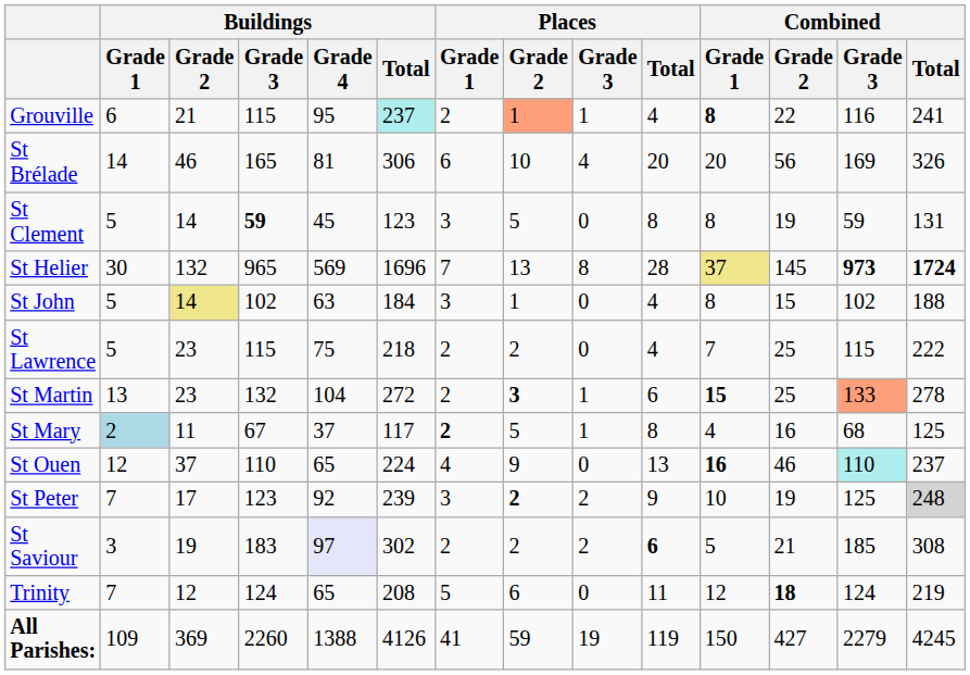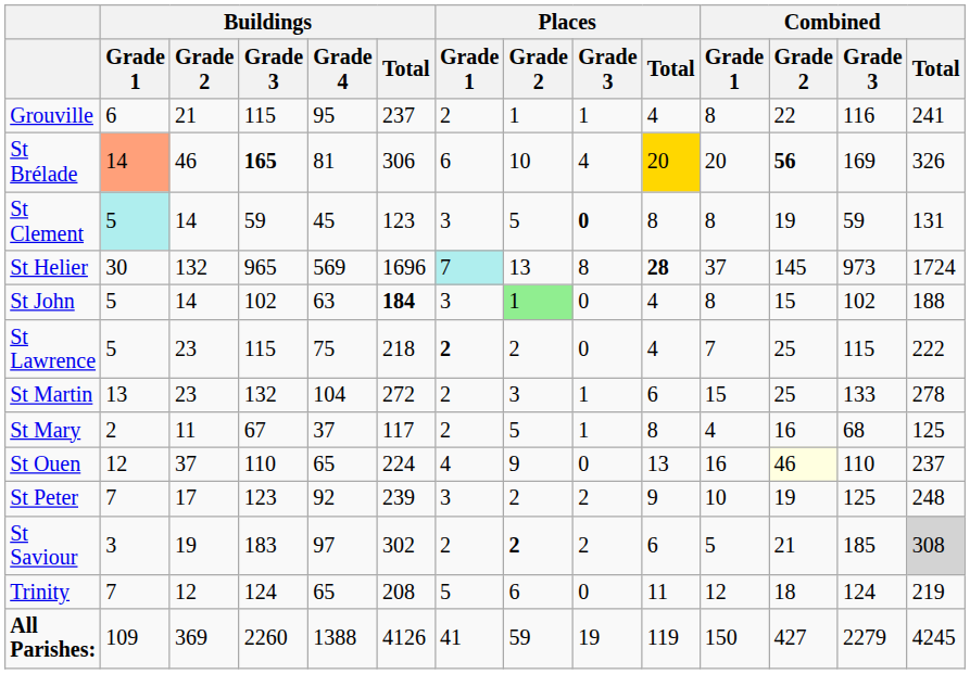 <table class="wikitable">
 <tr>
 <th></th>
 <th colspan="5">Buildings</th>
 <th colspan="4">Places</th>
 <th colspan="4">Combined</th>
 </tr>
 <tr>
 <th></th>
 <th>Grade 1</th>
 <th>Grade 2</th>
 <th>Grade 3</th>
 <th>Grade 4</th>
 <th>Total</th>
 <th>Grade 1</th>
 <th>Grade 2</th>
 <th>Grade 3</th>
 <th>Total</th>
 <th>Grade 1</th>
 <th>Grade 2</th>
 <th>Grade 3</th>
 <th>Total</th>
 </tr>
 <tr>
 <td><a href='#'>Grouville</a></td>
 <td>6</td>
 <td>21</td>
 <td>115</td>
 <td>95</td>
-<td style="background: paleturquoise;">237</td>
+<td>237</td>
 <td>2</td>
-<td style="background: lightsalmon;">1</td>
+<td>1</td>
 <td>1</td>
 <td>4</td>
-<td><strong>8</strong></td>
+<td>8</td>
 <td>22</td>
 <td>116</td>
 <td>241</td>
 </tr>
 <tr>
 <td><a href='#'>St Brélade</a></td>
-<td>14</td>
+<td style="background: lightsalmon;">14</td>
 <td>46</td>
-<td>165</td>
+<td><strong>165</strong></td>
 <td>81</td>
 <td>306</td>
 <td>6</td>
 <td>10</td>
 <td>4</td>
+<td style="background: gold;">20</td>
 <td>20</td>
-<td>20</td>
-<td>56</td>
+<td><strong>56</strong></td>
 <td>169</td>
 <td>326</td>
 </tr>
 <tr>
 <td><a href='#'>St Clement</a></td>
-<td>5</td>
+<td style="background: paleturquoise;">5</td>
 <td>14</td>
-<td><strong>59</strong></td>
+<td>59</td>
 <td>45</td>
 <td>123</td>
 <td>3</td>
 <td>5</td>
-<td>0</td>
+<td><strong>0</strong></td>
 <td>8</td>
 <td>8</td>
 <td>19</td>
 <td>59</td>
 <td>131</td>
 </tr>
 <tr>
 <td><a href='#'>St Helier</a></td>
 <td>30</td>
 <td>132</td>
 <td>965</td>
 <td>569</td>
 <td>1696</td>
-<td>7</td>
+<td style="background: paleturquoise;">7</td>
 <td>13</td>
 <td>8</td>
-<td>28</td>
-<td style="background: khaki;">37</td>
+<td><strong>28</strong></td>
+<td>37</td>
 <td>145</td>
-<td><strong>973</strong></td>
-<td><strong>1724</strong></td>
+<td>973</td>
+<td>1724</td>
 </tr>
 <tr>
 <td><a href='#'>St John</a></td>
 <td>5</td>
-<td style="background: khaki;">14</td>
+<td>14</td>
 <td>102</td>
 <td>63</td>
-<td>184</td>
+<td><strong>184</strong></td>
 <td>3</td>
-<td>1</td>
+<td style="background: lightgreen;">1</td>
 <td>0</td>
 <td>4</td>
 <td>8</td>
 <td>15</td>
 <td>102</td>
 <td>188</td>
 </tr>
 <tr>
 <td><a href='#'>St Lawrence</a></td>
 <td>5</td>
 <td>23</td>
 <td>115</td>
 <td>75</td>
 <td>218</td>
-<td>2</td>
+<td><strong>2</strong></td>
 <td>2</td>
 <td>0</td>
 <td>4</td>
 <td>7</td>
 <td>25</td>
 <td>115</td>
 <td>222</td>
 </tr>
 <tr>
 <td><a href='#'>St Martin</a></td>
 <td>13</td>
 <td>23</td>
 <td>132</td>
 <td>104</td>
 <td>272</td>
 <td>2</td>
-<td><strong>3</strong></td>
+<td>3</td>
 <td>1</td>
 <td>6</td>
-<td><strong>15</strong></td>
+<td>15</td>
 <td>25</td>
-<td style="background: lightsalmon;">133</td>
+<td>133</td>
 <td>278</td>
 </tr>
 <tr>
 <td><a href='#'>St Mary</a></td>
-<td style="background: lightblue;">2</td>
+<td>2</td>
 <td>11</td>
 <td>67</td>
 <td>37</td>
 <td>117</td>
-<td><strong>2</strong></td>
+<td>2</td>
 <td>5</td>
 <td>1</td>
 <td>8</td>
 <td>4</td>
 <td>16</td>
 <td>68</td>
 <td>125</td>
 </tr>
 <tr>
 <td><a href='#'>St Ouen</a></td>
 <td>12</td>
 <td>37</td>
 <td>110</td>
 <td>65</td>
 <td>224</td>
 <td>4</td>
 <td>9</td>
 <td>0</td>
 <td>13</td>
-<td><strong>16</strong></td>
-<td>46</td>
-<td style="background: paleturquoise;">110</td>
+<td>16</td>
+<td style="background: lightyellow;">46</td>
+<td>110</td>
 <td>237</td>
 </tr>
 <tr>
 <td><a href='#'>St Peter</a></td>
 <td>7</td>
 <td>17</td>
 <td>123</td>
 <td>92</td>
 <td>239</td>
 <td>3</td>
-<td><strong>2</strong></td>
+<td>2</td>
 <td>2</td>
 <td>9</td>
 <td>10</td>
 <td>19</td>
 <td>125</td>
-<td style="background: lightgrey;">248</td>
+<td>248</td>
 </tr>
 <tr>
 <td><a href='#'>St Saviour</a></td>
 <td>3</td>
 <td>19</td>
 <td>183</td>
-<td style="background: lavender;">97</td>
+<td>97</td>
 <td>302</td>
 <td>2</td>
+<td><strong>2</strong></td>
 <td>2</td>
-<td>2</td>
-<td><strong>6</strong></td>
+<td>6</td>
 <td>5</td>
 <td>21</td>
 <td>185</td>
-<td>308</td>
+<td style="background: lightgrey;">308</td>
 </tr>
 <tr>
 <td><a href='#'>Trinity</a></td>
 <td>7</td>
 <td>12</td>
 <td>124</td>
 <td>65</td>
 <td>208</td>
 <td>5</td>
 <td>6</td>
 <td>0</td>
 <td>11</td>
 <td>12</td>
-<td><strong>18</strong></td>
+<td>18</td>
 <td>124</td>
 <td>219</td>
 </tr>
 <tr>
 <td><strong>All Parishes:</strong></td>
 <td>109</td>
 <td>369</td>
 <td>2260</td>
 <td>1388</td>
 <td>4126</td>
 <td>41</td>
 <td>59</td>
 <td>19</td>
 <td>119</td>
 <td>150</td>
 <td>427</td>
 <td>2279</td>
 <td>4245</td>
 </tr>
 </table>
